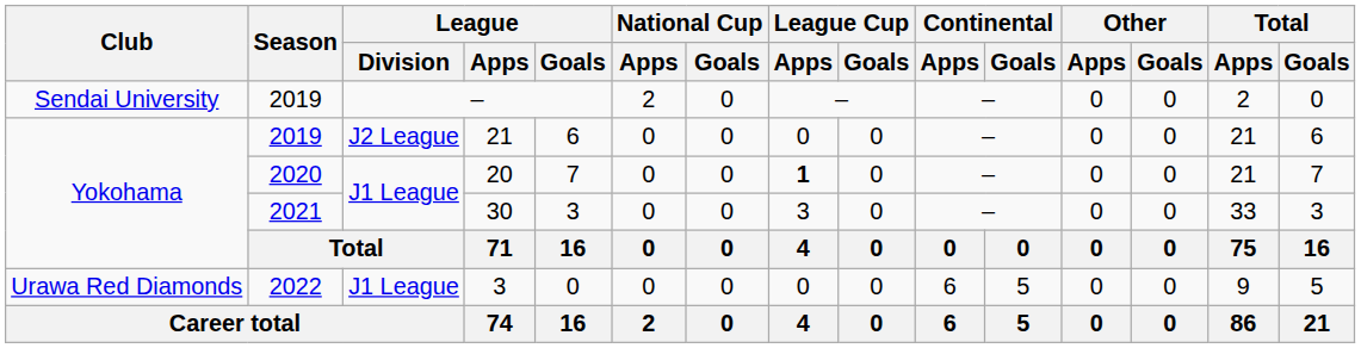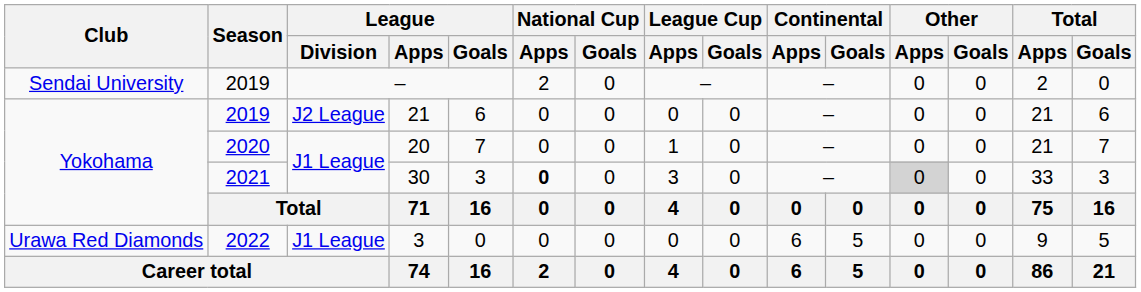 <table class="wikitable" style="text-align: center">
 <tr>
 <th rowspan="2">Club</th>
 <th rowspan="2">Season</th>
 <th colspan="3">League</th>
 <th colspan="2">National Cup</th>
 <th colspan="2">League Cup</th>
 <th colspan="2">Continental</th>
 <th colspan="2">Other</th>
 <th colspan="2">Total</th>
 </tr>
 <tr>
 <th>Division</th>
 <th>Apps</th>
 <th>Goals</th>
 <th>Apps</th>
 <th>Goals</th>
 <th>Apps</th>
 <th>Goals</th>
 <th>Apps</th>
 <th>Goals</th>
 <th>Apps</th>
 <th>Goals</th>
 <th>Apps</th>
 <th>Goals</th>
 </tr>
 <tr>
 <td><a href='#'>Sendai University</a></td>
 <td>2019</td>
 <td colspan="3">–</td>
 <td>2</td>
 <td>0</td>
 <td colspan="2">–</td>
 <td colspan="2">–</td>
 <td>0</td>
 <td>0</td>
 <td>2</td>
 <td>0</td>
 </tr>
 <tr>
 <td rowspan="4"><a href='#'>Yokohama</a></td>
 <td><a href='#'>2019</a></td>
 <td><a href='#'>J2 League</a></td>
 <td>21</td>
 <td>6</td>
 <td>0</td>
 <td>0</td>
 <td>0</td>
 <td>0</td>
 <td colspan="2">–</td>
 <td>0</td>
 <td>0</td>
 <td>21</td>
 <td>6</td>
 </tr>
 <tr>
 <td><a href='#'>2020</a></td>
 <td rowspan="2"><a href='#'>J1 League</a></td>
 <td>20</td>
 <td>7</td>
 <td>0</td>
 <td>0</td>
-<td><strong>1</strong></td>
+<td>1</td>
 <td>0</td>
 <td colspan="2">–</td>
 <td>0</td>
 <td>0</td>
 <td>21</td>
 <td>7</td>
 </tr>
 <tr>
 <td><a href='#'>2021</a></td>
 <td>30</td>
 <td>3</td>
-<td>0</td>
+<td><strong>0</strong></td>
 <td>0</td>
 <td>3</td>
 <td>0</td>
 <td colspan="2">–</td>
-<td>0</td>
+<td style="background: lightgrey;">0</td>
 <td>0</td>
 <td>33</td>
 <td>3</td>
 </tr>
 <tr>
 <th colspan=2>Total</th>
 <th>71</th>
 <th>16</th>
 <th>0</th>
 <th>0</th>
 <th>4</th>
 <th>0</th>
 <th>0</th>
 <th>0</th>
 <th>0</th>
 <th>0</th>
 <th>75</th>
 <th>16</th>
 </tr>
 <tr>
 <td><a href='#'>Urawa Red Diamonds</a></td>
 <td><a href='#'>2022</a></td>
 <td><a href='#'>J1 League</a></td>
 <td>3</td>
 <td>0</td>
 <td>0</td>
 <td>0</td>
 <td>0</td>
 <td>0</td>
 <td>6</td>
 <td>5</td>
 <td>0</td>
 <td>0</td>
 <td>9</td>
 <td>5</td>
 </tr>
 <tr>
 <th colspan=3>Career total</th>
 <th>74</th>
 <th>16</th>
 <th>2</th>
 <th>0</th>
 <th>4</th>
 <th>0</th>
 <th>6</th>
 <th>5</th>
 <th>0</th>
 <th>0</th>
 <th>86</th>
 <th>21</th>
 </tr>
 </table>
